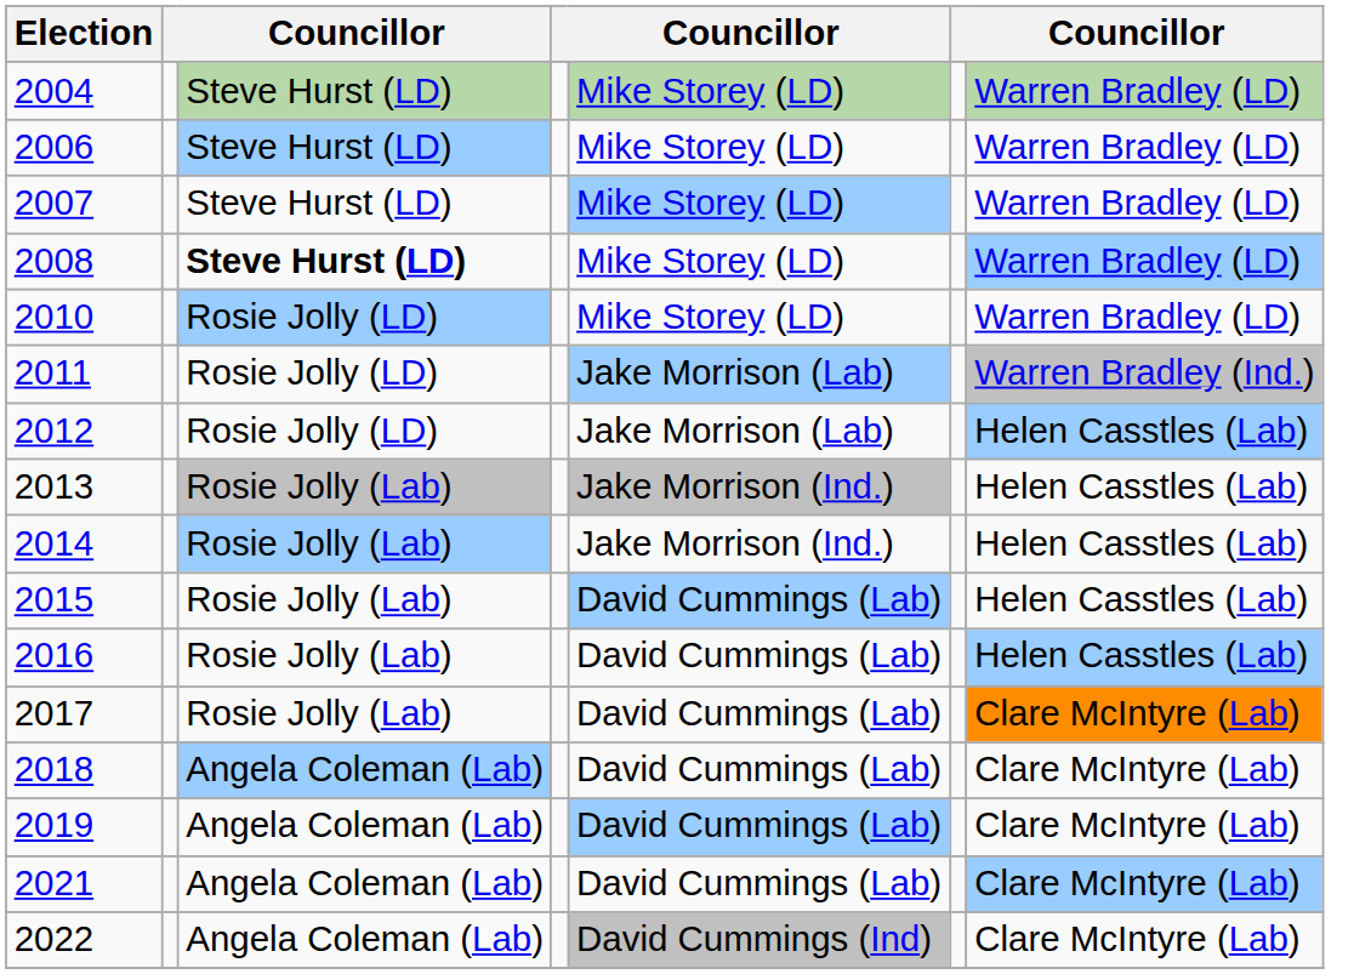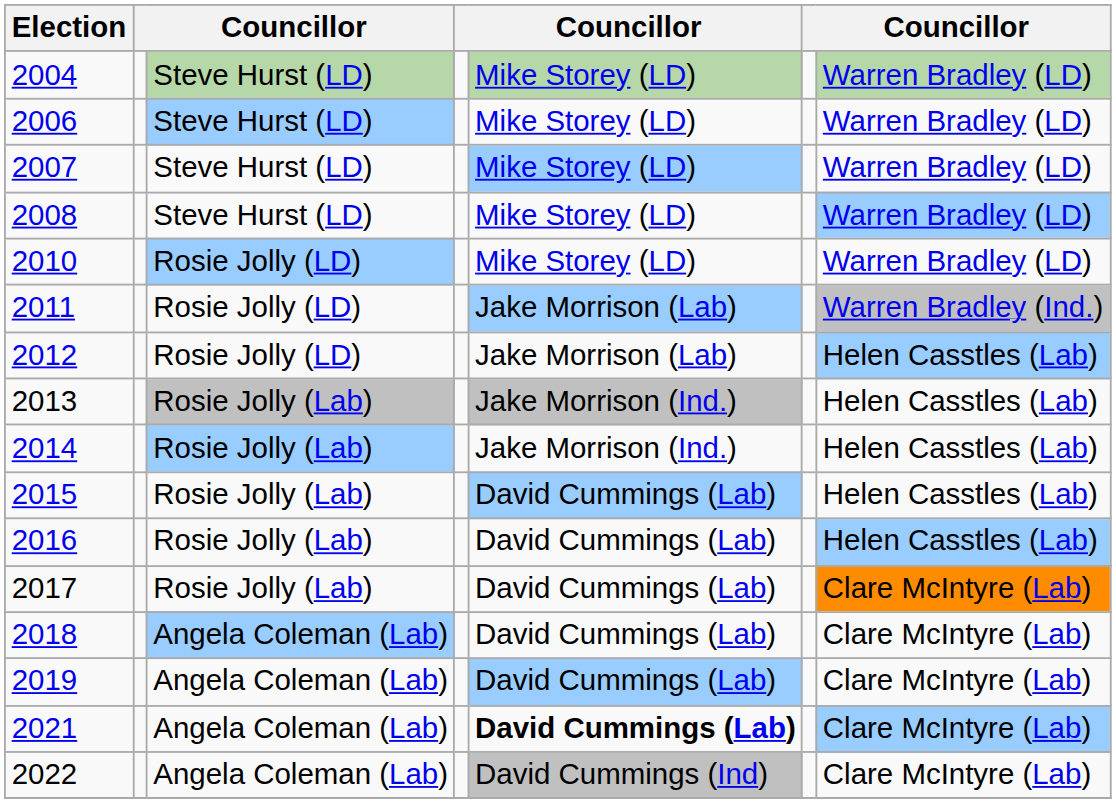 <table class="wikitable">
 <tr>
 <th>Election</th>
 <th colspan="2">Councillor</th>
 <th colspan="2">Councillor</th>
 <th colspan="2">Councillor</th>
 </tr>
 <tr>
 <td><a href='#'>2004</a></td>
 <td style="background-color: "></td>
 <td bgcolor="#B6D7A8">Steve Hurst (<a href='#'>LD</a>)</td>
 <td style="background-color: "></td>
 <td bgcolor="#B6D7A8"><a href='#'>Mike Storey</a> (<a href='#'>LD</a>)</td>
 <td style="background-color: "></td>
 <td bgcolor="#B6D7A8"><a href='#'>Warren Bradley</a> (<a href='#'>LD</a>)</td>
 </tr>
 <tr>
 <td><a href='#'>2006</a></td>
 <td style="background-color: "></td>
 <td bgcolor="#99CCFF">Steve Hurst (<a href='#'>LD</a>)</td>
 <td style="background-color: "></td>
 <td><a href='#'>Mike Storey</a> (<a href='#'>LD</a>)</td>
 <td style="background-color: "></td>
 <td><a href='#'>Warren Bradley</a> (<a href='#'>LD</a>)</td>
 </tr>
 <tr>
 <td><a href='#'>2007</a></td>
 <td style="background-color: "></td>
 <td>Steve Hurst (<a href='#'>LD</a>)</td>
 <td style="background-color: "></td>
 <td bgcolor="#99CCFF"><a href='#'>Mike Storey</a> (<a href='#'>LD</a>)</td>
 <td style="background-color: "></td>
 <td><a href='#'>Warren Bradley</a> (<a href='#'>LD</a>)</td>
 </tr>
 <tr>
 <td><a href='#'>2008</a></td>
 <td style="background-color: "></td>
-<td><strong>Steve Hurst (<a href='#'>LD</a>)</strong></td>
+<td>Steve Hurst (<a href='#'>LD</a>)</td>
 <td style="background-color: "></td>
 <td><a href='#'>Mike Storey</a> (<a href='#'>LD</a>)</td>
 <td style="background-color: "></td>
 <td bgcolor="#99CCFF"><a href='#'>Warren Bradley</a> (<a href='#'>LD</a>)</td>
 </tr>
 <tr>
 <td><a href='#'>2010</a></td>
 <td style="background-color: "></td>
 <td bgcolor="#99CCFF">Rosie Jolly (<a href='#'>LD</a>)</td>
 <td style="background-color: "></td>
 <td><a href='#'>Mike Storey</a> (<a href='#'>LD</a>)</td>
 <td style="background-color: "></td>
 <td><a href='#'>Warren Bradley</a> (<a href='#'>LD</a>)</td>
 </tr>
 <tr>
 <td><a href='#'>2011</a></td>
 <td style="background-color: "></td>
 <td>Rosie Jolly (<a href='#'>LD</a>)</td>
 <td style="background-color: "></td>
 <td bgcolor="#99CCFF">Jake Morrison (<a href='#'>Lab</a>)</td>
 <td style="background-color: "></td>
 <td bgcolor="#C0C0C0"><a href='#'>Warren Bradley</a> (<a href='#'>Ind.</a>)</td>
 </tr>
 <tr>
 <td><a href='#'>2012</a></td>
 <td style="background-color: "></td>
 <td>Rosie Jolly (<a href='#'>LD</a>)</td>
 <td style="background-color: "></td>
 <td>Jake Morrison (<a href='#'>Lab</a>)</td>
 <td style="background-color: "></td>
 <td bgcolor="#99CCFF">Helen Casstles (<a href='#'>Lab</a>)</td>
 </tr>
 <tr>
 <td>2013</td>
 <td style="background-color: "></td>
 <td bgcolor="#C0C0C0">Rosie Jolly (<a href='#'>Lab</a>)</td>
 <td style="background-color: "></td>
 <td bgcolor="#C0C0C0">Jake Morrison (<a href='#'>Ind.</a>)</td>
 <td style="background-color: "></td>
 <td>Helen Casstles (<a href='#'>Lab</a>)</td>
 </tr>
 <tr>
 <td><a href='#'>2014</a></td>
 <td style="background-color: "></td>
 <td bgcolor="#99CCFF">Rosie Jolly (<a href='#'>Lab</a>)</td>
 <td style="background-color: "></td>
 <td>Jake Morrison (<a href='#'>Ind.</a>)</td>
 <td style="background-color: "></td>
 <td>Helen Casstles (<a href='#'>Lab</a>)</td>
 </tr>
 <tr>
 <td><a href='#'>2015</a></td>
 <td style="background-color: "></td>
 <td>Rosie Jolly (<a href='#'>Lab</a>)</td>
 <td style="background-color: "></td>
 <td bgcolor="#99CCFF">David Cummings (<a href='#'>Lab</a>)</td>
 <td style="background-color: "></td>
 <td>Helen Casstles (<a href='#'>Lab</a>)</td>
 </tr>
 <tr>
 <td><a href='#'>2016</a></td>
 <td style="background-color: "></td>
 <td>Rosie Jolly (<a href='#'>Lab</a>)</td>
 <td style="background-color: "></td>
 <td>David Cummings (<a href='#'>Lab</a>)</td>
 <td style="background-color: "></td>
 <td bgcolor="#99CCFF">Helen Casstles (<a href='#'>Lab</a>)</td>
 </tr>
 <tr>
 <td>2017</td>
 <td style="background-color: "></td>
 <td>Rosie Jolly (<a href='#'>Lab</a>)</td>
 <td style="background-color: "></td>
 <td>David Cummings (<a href='#'>Lab</a>)</td>
 <td style="background-color: "></td>
 <td bgcolor="#FF8C00">Clare McIntyre (<a href='#'>Lab</a>)</td>
 </tr>
 <tr>
 <td><a href='#'>2018</a></td>
 <td style="background-color: "></td>
 <td bgcolor="#99CCFF">Angela Coleman (<a href='#'>Lab</a>)</td>
 <td style="background-color: "></td>
 <td>David Cummings (<a href='#'>Lab</a>)</td>
 <td style="background-color: "></td>
 <td>Clare McIntyre (<a href='#'>Lab</a>)</td>
 </tr>
 <tr>
 <td><a href='#'>2019</a></td>
 <td style="background-color: "></td>
 <td>Angela Coleman (<a href='#'>Lab</a>)</td>
 <td style="background-color: "></td>
 <td bgcolor="#99CCFF">David Cummings (<a href='#'>Lab</a>)</td>
 <td style="background-color: "></td>
 <td>Clare McIntyre (<a href='#'>Lab</a>)</td>
 </tr>
 <tr>
 <td><a href='#'>2021</a></td>
 <td style="background-color: "></td>
 <td>Angela Coleman (<a href='#'>Lab</a>)</td>
 <td style="background-color: "></td>
-<td>David Cummings (<a href='#'>Lab</a>)</td>
+<td><strong>David Cummings (<a href='#'>Lab</a>)</strong></td>
 <td style="background-color: "></td>
 <td bgcolor="#99CCFF">Clare McIntyre (<a href='#'>Lab</a>)</td>
 </tr>
 <tr>
 <td>2022</td>
 <td style="background-color: "></td>
 <td>Angela Coleman (<a href='#'>Lab</a>)</td>
 <td style="background-color: "></td>
 <td bgcolor="#C0C0C0">David Cummings (<a href='#'>Ind</a>)</td>
 <td style="background-color: "></td>
 <td>Clare McIntyre (<a href='#'>Lab</a>)</td>
 </tr>
 <tr>
 </tr>
 </table>
